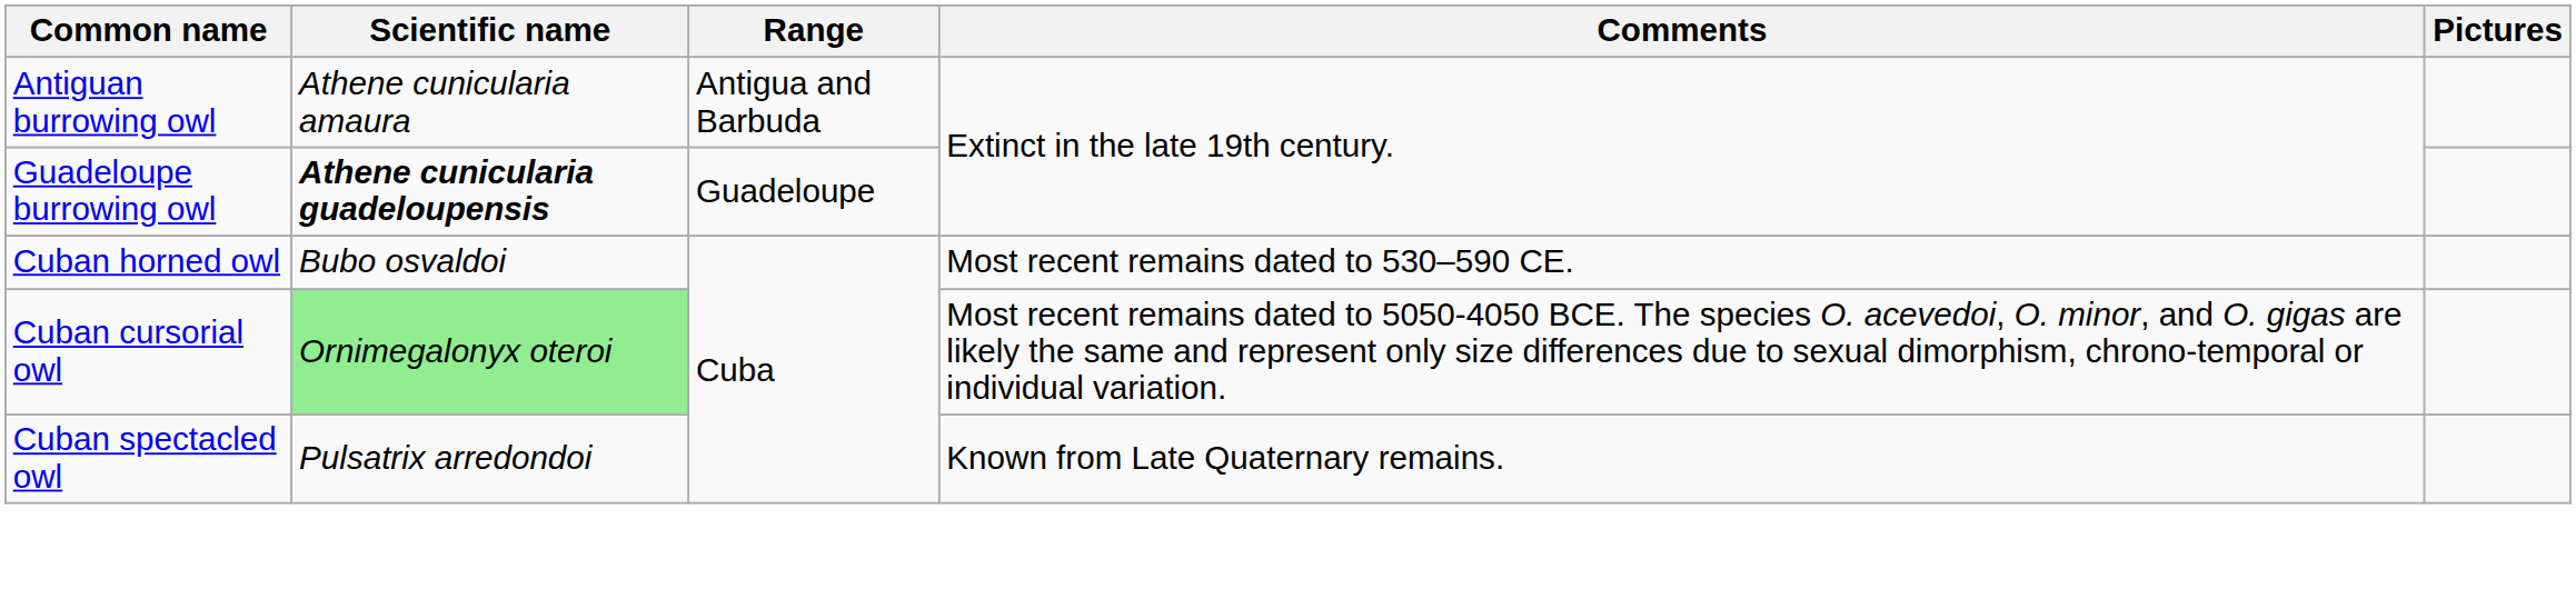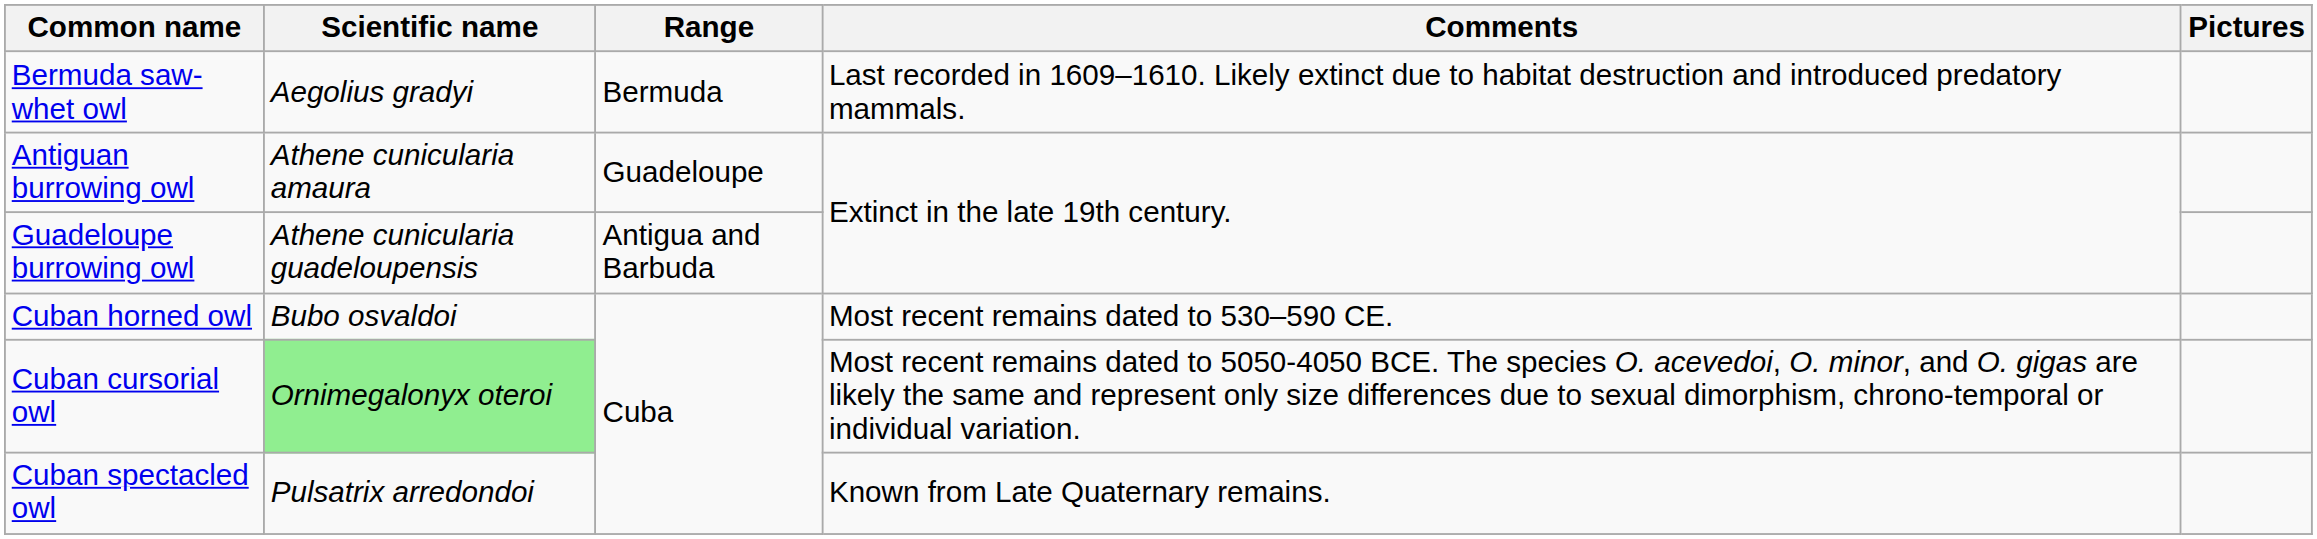 <table class="wikitable">
 <tr>
 <th>Common name</th>
 <th>Scientific name</th>
 <th>Range</th>
 <th class="unsortable">Comments</th>
 <th>Pictures</th>
 </tr>
 <tr>
+<td><a href='#'>Bermuda saw-whet owl</a></td>
+<td><em>Aegolius gradyi</em></td>
+<td>Bermuda</td>
+<td>Last recorded in 1609–1610. Likely extinct due to habitat destruction and introduced predatory mammals.</td>
+<td></td>
+</tr>
+<tr>
 <td><a href='#'>Antiguan burrowing owl</a></td>
 <td><em>Athene cunicularia amaura</em></td>
-<td>Antigua and Barbuda</td>
+<td>Guadeloupe</td>
 <td rowspan="2">Extinct in the late 19th century.</td>
 <td></td>
 </tr>
 <tr>
 <td><a href='#'>Guadeloupe burrowing owl</a></td>
-<td><strong><em>Athene cunicularia guadeloupensis </em></strong></td>
-<td>Guadeloupe</td>
+<td><em>Athene cunicularia guadeloupensis </em></td>
+<td>Antigua and Barbuda</td>
 <td></td>
 </tr>
 <tr>
 <td><a href='#'>Cuban horned owl</a></td>
 <td><em>Bubo osvaldoi</em></td>
 <td rowspan="3">Cuba</td>
 <td>Most recent remains dated to 530–590 CE.</td>
 <td></td>
 </tr>
 <tr>
 <td><a href='#'>Cuban cursorial owl</a></td>
 <td style="background: lightgreen;"><em>Ornimegalonyx oteroi</em></td>
 <td>Most recent remains dated to 5050-4050 BCE. The species <em>O. acevedoi</em>, <em>O. minor</em>, and <em>O. gigas</em> are likely the same and represent only size differences due to sexual dimorphism, chrono-temporal or individual variation.</td>
 <td></td>
 </tr>
 <tr>
 <td><a href='#'>Cuban spectacled owl</a></td>
 <td><em>Pulsatrix arredondoi</em></td>
 <td>Known from Late Quaternary remains.</td>
 <td></td>
 </tr>
 </table>
